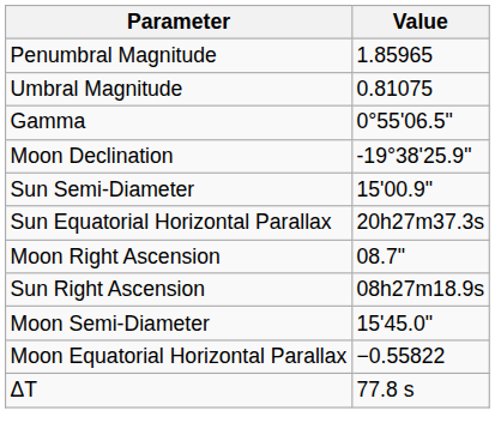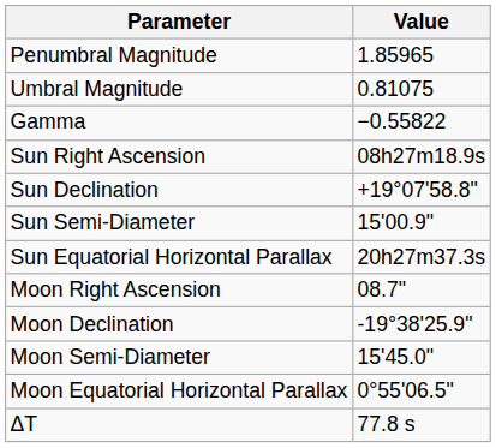 <table class="wikitable">
 <tr>
 <th>Parameter</th>
 <th>Value</th>
 </tr>
 <tr>
 <td>Penumbral Magnitude</td>
 <td>1.85965</td>
 </tr>
 <tr>
 <td>Umbral Magnitude</td>
 <td>0.81075</td>
 </tr>
 <tr>
 <td>Gamma</td>
-<td>0°55'06.5"</td>
+<td>−0.55822</td>
 </tr>
 <tr>
-<td>Moon Declination</td>
-<td>-19°38'25.9"</td>
+<td>Sun Right Ascension</td>
+<td>08h27m18.9s</td>
+</tr>
+<tr>
+<td>Sun Declination</td>
+<td>+19°07'58.8"</td>
 </tr>
 <tr>
 <td>Sun Semi-Diameter</td>
 <td>15'00.9"</td>
 </tr>
 <tr>
 <td>Sun Equatorial Horizontal Parallax</td>
 <td>20h27m37.3s</td>
 </tr>
 <tr>
 <td>Moon Right Ascension</td>
 <td>08.7"</td>
 </tr>
 <tr>
-<td>Sun Right Ascension</td>
-<td>08h27m18.9s</td>
+<td>Moon Declination</td>
+<td>-19°38'25.9"</td>
 </tr>
 <tr>
 <td>Moon Semi-Diameter</td>
 <td>15'45.0"</td>
 </tr>
 <tr>
 <td>Moon Equatorial Horizontal Parallax</td>
-<td>−0.55822</td>
+<td>0°55'06.5"</td>
 </tr>
 <tr>
 <td>ΔT</td>
 <td>77.8 s</td>
 </tr>
 </table>
